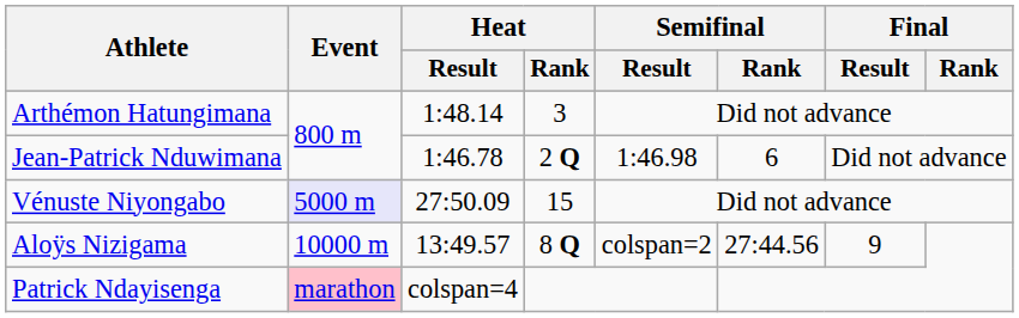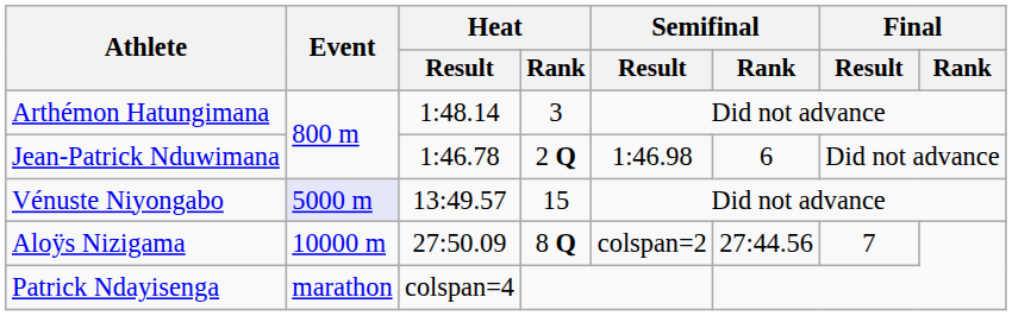 <table class=wikitable style="font-size:90%">
 <tr>
 <th rowspan="2">Athlete</th>
 <th rowspan="2">Event</th>
 <th colspan="2">Heat</th>
 <th colspan="2">Semifinal</th>
 <th colspan="2">Final</th>
 </tr>
 <tr style="font-size:95%">
 <th>Result</th>
 <th>Rank</th>
 <th>Result</th>
 <th>Rank</th>
 <th>Result</th>
 <th>Rank</th>
 </tr>
 <tr align=center>
 <td align=left><a href='#'>Arthémon Hatungimana</a></td>
 <td align=left rowspan=2><a href='#'>800 m</a></td>
 <td>1:48.14</td>
 <td>3</td>
 <td colspan=4>Did not advance</td>
 </tr>
 <tr align=center>
 <td align=left><a href='#'>Jean-Patrick Nduwimana</a></td>
 <td>1:46.78</td>
 <td>2 <strong>Q</strong></td>
 <td>1:46.98</td>
 <td>6</td>
 <td colspan=2>Did not advance</td>
 </tr>
 <tr align=center>
 <td align=left><a href='#'>Vénuste Niyongabo</a></td>
 <td align=left style="background: lavender;"><a href='#'>5000 m</a></td>
-<td>27:50.09</td>
+<td>13:49.57</td>
 <td>15</td>
 <td colspan=4>Did not advance</td>
 </tr>
 <tr align=center>
 <td align=left><a href='#'>Aloÿs Nizigama</a></td>
 <td align=left><a href='#'>10000 m</a></td>
-<td>13:49.57</td>
+<td>27:50.09</td>
 <td>8 <strong>Q</strong></td>
 <td>colspan=2 </td>
 <td>27:44.56</td>
-<td>9</td>
+<td>7</td>
 </tr>
 <tr align=center>
 <td align=left><a href='#'>Patrick Ndayisenga</a></td>
-<td align=left style="background: pink;"><a href='#'>marathon</a></td>
+<td align=left><a href='#'>marathon</a></td>
 <td>colspan=4 </td>
 <td colspan=2></td>
 </tr>
 </table>
